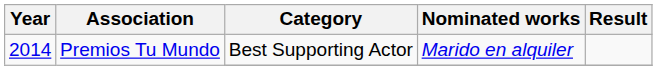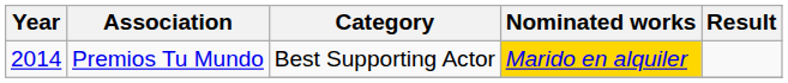 <table class="wikitable sortable">
 <tr>
 <th>Year</th>
 <th>Association</th>
 <th>Category</th>
 <th>Nominated works</th>
 <th>Result</th>
 </tr>
 <tr>
 <td rowspan=2><a href='#'>2014</a></td>
 <td rowspan=2><a href='#'>Premios Tu Mundo</a></td>
 <td>Best Supporting Actor</td>
-<td><em><a href='#'>Marido en alquiler</a></em></td>
+<td style="background: gold;"><em><a href='#'>Marido en alquiler</a></em></td>
 <td></td>
 </tr>
 <tr>
 </tr>
 </table>
